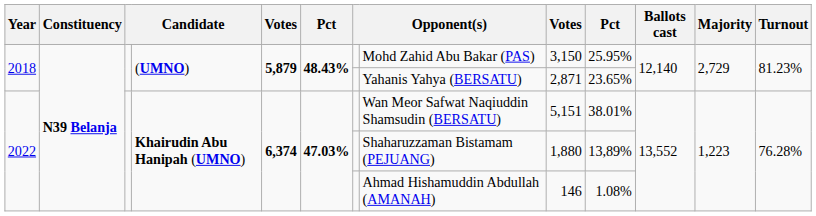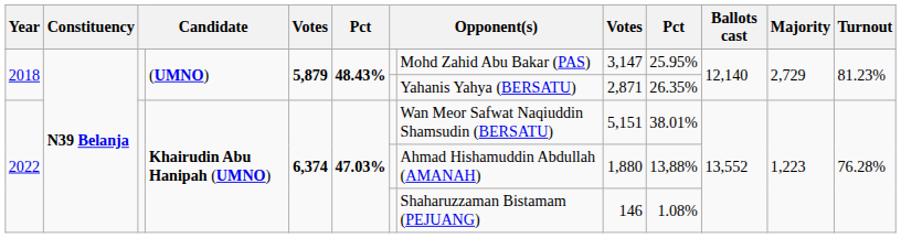 <table class="wikitable" style="margin:0.5em ; font-size:95%">
 <tr>
 <th>Year</th>
 <th>Constituency</th>
 <th colspan=2>Candidate</th>
 <th>Votes</th>
 <th>Pct</th>
 <th colspan=2>Opponent(s)</th>
 <th>Votes</th>
 <th>Pct</th>
 <th>Ballots cast</th>
 <th>Majority</th>
 <th>Turnout</th>
 </tr>
 <tr>
 <td rowspan="2"><a href='#'>2018</a></td>
 <td rowspan="5"><strong>N39 <a href='#'>Belanja</a></strong></td>
 <td rowspan="2" ></td>
 <td rowspan="2"> (<a href='#'><strong>UMNO</strong></a>)</td>
 <td rowspan="2" align=right><strong>5,879</strong></td>
 <td rowspan="2"><strong>48.43%</strong></td>
 <td></td>
 <td>Mohd Zahid Abu Bakar (<a href='#'>PAS</a>)</td>
-<td align=right>3,150</td>
+<td align=right>3,147</td>
 <td>25.95%</td>
 <td rowspan="2">12,140</td>
 <td rowspan="2">2,729</td>
 <td rowspan="2">81.23%</td>
 </tr>
 <tr>
 <td></td>
 <td>Yahanis Yahya (<a href='#'>BERSATU</a>)</td>
 <td align=right>2,871</td>
-<td>23.65%</td>
+<td>26.35%</td>
 </tr>
 <tr>
 <td rowspan="3"><a href='#'>2022</a></td>
 <td rowspan="3" ></td>
 <td rowspan="3"><strong>Khairudin Abu Hanipah</strong> (<a href='#'><strong>UMNO</strong></a>)</td>
 <td rowspan="3" align=right><strong>6,374</strong></td>
 <td rowspan="3"><strong>47.03%</strong></td>
 <td></td>
 <td>Wan Meor Safwat Naqiuddin Shamsudin (<a href='#'>BERSATU</a>)</td>
 <td align=right>5,151</td>
 <td>38.01%</td>
 <td rowspan="3">13,552</td>
 <td rowspan="3">1,223</td>
 <td rowspan="3">76.28%</td>
 </tr>
 <tr>
 <td></td>
-<td>Shaharuzzaman Bistamam (<a href='#'>PEJUANG</a>)</td>
+<td>Ahmad Hishamuddin Abdullah (<a href='#'>AMANAH</a>)</td>
 <td align=right>1,880</td>
-<td>13,89%</td>
+<td>13,88%</td>
 </tr>
 <tr>
 <td></td>
-<td>Ahmad Hishamuddin Abdullah (<a href='#'>AMANAH</a>)</td>
+<td>Shaharuzzaman Bistamam (<a href='#'>PEJUANG</a>)</td>
 <td align=right>146</td>
 <td align=right>1.08%</td>
 </tr>
 </table>
